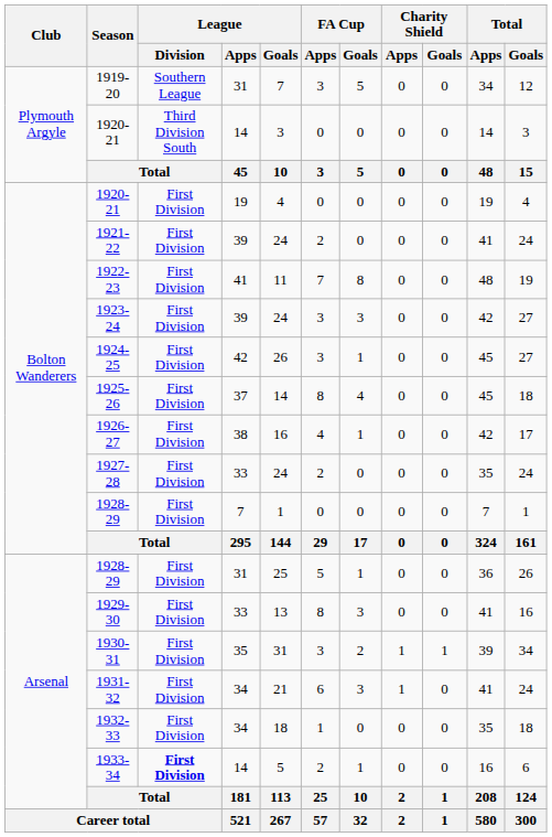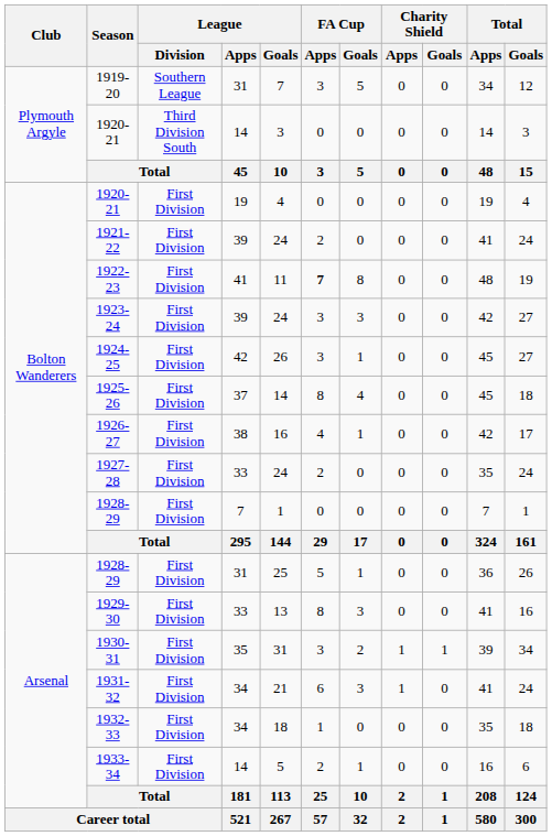 <table class="wikitable" style="text-align:center">
 <tr>
 <th rowspan="2">Club</th>
 <th rowspan="2">Season</th>
 <th colspan="3">League</th>
 <th colspan="2">FA Cup</th>
 <th colspan="2">Charity Shield</th>
 <th colspan="2">Total</th>
 </tr>
 <tr>
 <th>Division</th>
 <th>Apps</th>
 <th>Goals</th>
 <th>Apps</th>
 <th>Goals</th>
 <th>Apps</th>
 <th>Goals</th>
 <th>Apps</th>
 <th>Goals</th>
 </tr>
 <tr>
 <td rowspan="3"><a href='#'>Plymouth Argyle</a></td>
 <td>1919-20</td>
 <td><a href='#'>Southern League</a></td>
 <td>31</td>
 <td>7</td>
 <td>3</td>
 <td>5</td>
 <td>0</td>
 <td>0</td>
 <td>34</td>
 <td>12</td>
 </tr>
 <tr>
 <td>1920-21</td>
 <td><a href='#'>Third Division South</a></td>
 <td>14</td>
 <td>3</td>
 <td>0</td>
 <td>0</td>
 <td>0</td>
 <td>0</td>
 <td>14</td>
 <td>3</td>
 </tr>
 <tr>
 <th colspan="2">Total</th>
 <th>45</th>
 <th>10</th>
 <th>3</th>
 <th>5</th>
 <th>0</th>
 <th>0</th>
 <th>48</th>
 <th>15</th>
 </tr>
 <tr>
 <td rowspan="10"><a href='#'>Bolton Wanderers</a></td>
 <td><a href='#'>1920-21</a></td>
 <td><a href='#'>First Division</a></td>
 <td>19</td>
 <td>4</td>
 <td>0</td>
 <td>0</td>
 <td>0</td>
 <td>0</td>
 <td>19</td>
 <td>4</td>
 </tr>
 <tr>
 <td><a href='#'>1921-22</a></td>
 <td><a href='#'>First Division</a></td>
 <td>39</td>
 <td>24</td>
 <td>2</td>
 <td>0</td>
 <td>0</td>
 <td>0</td>
 <td>41</td>
 <td>24</td>
 </tr>
 <tr>
 <td><a href='#'>1922-23</a></td>
 <td><a href='#'>First Division</a></td>
 <td>41</td>
 <td>11</td>
-<td>7</td>
+<td><strong>7</strong></td>
 <td>8</td>
 <td>0</td>
 <td>0</td>
 <td>48</td>
 <td>19</td>
 </tr>
 <tr>
 <td><a href='#'>1923-24</a></td>
 <td><a href='#'>First Division</a></td>
 <td>39</td>
 <td>24</td>
 <td>3</td>
 <td>3</td>
 <td>0</td>
 <td>0</td>
 <td>42</td>
 <td>27</td>
 </tr>
 <tr>
 <td><a href='#'>1924-25</a></td>
 <td><a href='#'>First Division</a></td>
 <td>42</td>
 <td>26</td>
 <td>3</td>
 <td>1</td>
 <td>0</td>
 <td>0</td>
 <td>45</td>
 <td>27</td>
 </tr>
 <tr>
 <td><a href='#'>1925-26</a></td>
 <td><a href='#'>First Division</a></td>
 <td>37</td>
 <td>14</td>
 <td>8</td>
 <td>4</td>
 <td>0</td>
 <td>0</td>
 <td>45</td>
 <td>18</td>
 </tr>
 <tr>
 <td><a href='#'>1926-27</a></td>
 <td><a href='#'>First Division</a></td>
 <td>38</td>
 <td>16</td>
 <td>4</td>
 <td>1</td>
 <td>0</td>
 <td>0</td>
 <td>42</td>
 <td>17</td>
 </tr>
 <tr>
 <td><a href='#'>1927-28</a></td>
 <td><a href='#'>First Division</a></td>
 <td>33</td>
 <td>24</td>
 <td>2</td>
 <td>0</td>
 <td>0</td>
 <td>0</td>
 <td>35</td>
 <td>24</td>
 </tr>
 <tr>
 <td><a href='#'>1928-29</a></td>
 <td><a href='#'>First Division</a></td>
 <td>7</td>
 <td>1</td>
 <td>0</td>
 <td>0</td>
 <td>0</td>
 <td>0</td>
 <td>7</td>
 <td>1</td>
 </tr>
 <tr>
 <th colspan="2">Total</th>
 <th>295</th>
 <th>144</th>
 <th>29</th>
 <th>17</th>
 <th>0</th>
 <th>0</th>
 <th>324</th>
 <th>161</th>
 </tr>
 <tr>
 <td rowspan="7"><a href='#'>Arsenal</a></td>
 <td><a href='#'>1928-29</a></td>
 <td><a href='#'>First Division</a></td>
 <td>31</td>
 <td>25</td>
 <td>5</td>
 <td>1</td>
 <td>0</td>
 <td>0</td>
 <td>36</td>
 <td>26</td>
 </tr>
 <tr>
 <td><a href='#'>1929-30</a></td>
 <td><a href='#'>First Division</a></td>
 <td>33</td>
 <td>13</td>
 <td>8</td>
 <td>3</td>
 <td>0</td>
 <td>0</td>
 <td>41</td>
 <td>16</td>
 </tr>
 <tr>
 <td><a href='#'>1930-31</a></td>
 <td><a href='#'>First Division</a></td>
 <td>35</td>
 <td>31</td>
 <td>3</td>
 <td>2</td>
 <td>1</td>
 <td>1</td>
 <td>39</td>
 <td>34</td>
 </tr>
 <tr>
 <td><a href='#'>1931-32</a></td>
 <td><a href='#'>First Division</a></td>
 <td>34</td>
 <td>21</td>
 <td>6</td>
 <td>3</td>
 <td>1</td>
 <td>0</td>
 <td>41</td>
 <td>24</td>
 </tr>
 <tr>
 <td><a href='#'>1932-33</a></td>
 <td><a href='#'>First Division</a></td>
 <td>34</td>
 <td>18</td>
 <td>1</td>
 <td>0</td>
 <td>0</td>
 <td>0</td>
 <td>35</td>
 <td>18</td>
 </tr>
 <tr>
 <td><a href='#'>1933-34</a></td>
-<td><strong><a href='#'>First Division</a></strong></td>
+<td><a href='#'>First Division</a></td>
 <td>14</td>
 <td>5</td>
 <td>2</td>
 <td>1</td>
 <td>0</td>
 <td>0</td>
 <td>16</td>
 <td>6</td>
 </tr>
 <tr>
 <th colspan="2">Total</th>
 <th>181</th>
 <th>113</th>
 <th>25</th>
 <th>10</th>
 <th>2</th>
 <th>1</th>
 <th>208</th>
 <th>124</th>
 </tr>
 <tr>
 <th colspan="3">Career total</th>
 <th>521</th>
 <th>267</th>
 <th>57</th>
 <th>32</th>
 <th>2</th>
 <th>1</th>
 <th>580</th>
 <th>300</th>
 </tr>
 </table>
